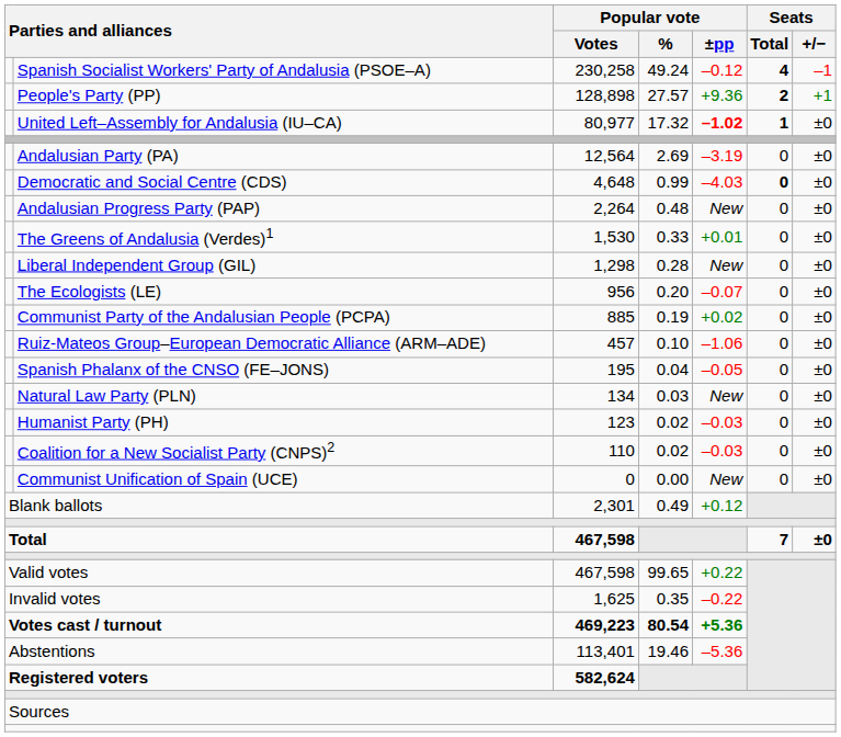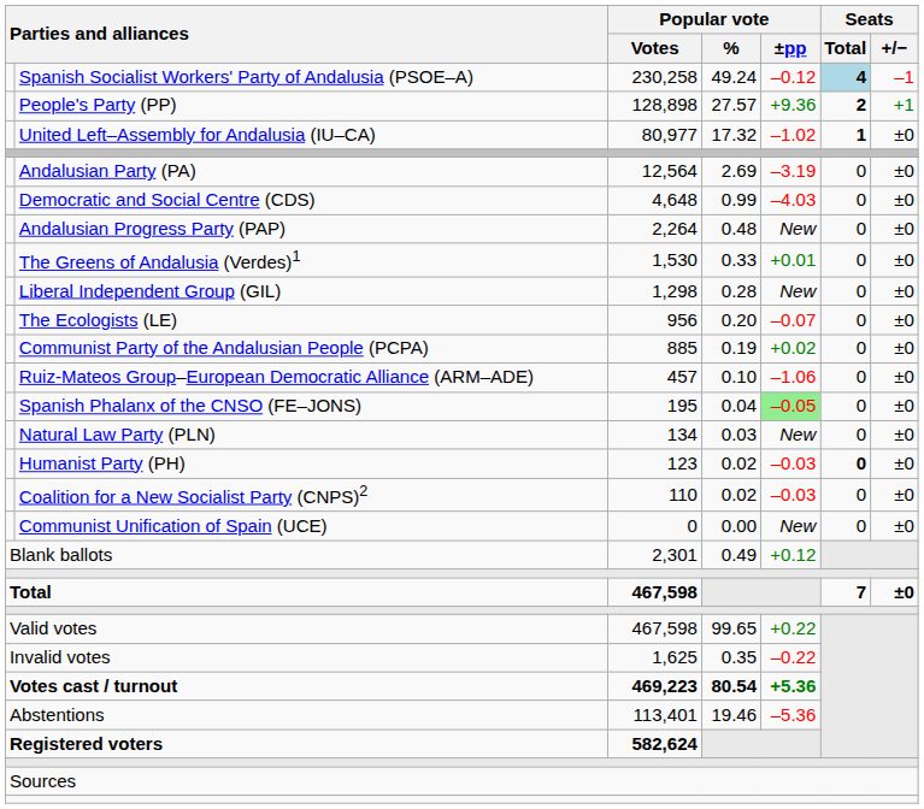 <table class="wikitable" style="text-align:right;">
 <tr>
 <th style="text-align:left;" rowspan="2" colspan="2" width="525">Parties and alliances</th>
 <th colspan="3">Popular vote</th>
 <th colspan="2">Seats</th>
 </tr>
 <tr>
 <th width="75">Votes</th>
 <th width="45">%</th>
 <th width="45">±<a href='#'>pp</a></th>
 <th width="35">Total</th>
 <th width="35">+/−</th>
 </tr>
 <tr>
 <td width="1" style="color:inherit;background:"></td>
 <td align="left"><a href='#'>Spanish Socialist Workers' Party of Andalusia</a> (PSOE–A)</td>
 <td>230,258</td>
 <td>49.24</td>
 <td style="color:red;">–0.12</td>
-<td><strong>4</strong></td>
+<td style="background: lightblue;"><strong>4</strong></td>
 <td style="color:red;">–1</td>
 </tr>
 <tr>
 <td style="color:inherit;background:"></td>
 <td align="left"><a href='#'>People's Party</a> (PP)</td>
 <td>128,898</td>
 <td>27.57</td>
 <td style="color:green;">+9.36</td>
 <td><strong>2</strong></td>
 <td style="color:green;">+1</td>
 </tr>
 <tr>
 <td style="color:inherit;background:"></td>
 <td align="left"><a href='#'>United Left–Assembly for Andalusia</a> (IU–CA)</td>
 <td>80,977</td>
 <td>17.32</td>
-<td style="color:red;"><strong>–1.02</strong></td>
+<td style="color:red;">–1.02</td>
 <td><strong>1</strong></td>
 <td>±0</td>
 </tr>
 <tr>
 <td colspan="7" bgcolor="#C0C0C0"></td>
 </tr>
 <tr>
 <td style="color:inherit;background:"></td>
 <td align="left"><a href='#'>Andalusian Party</a> (PA)</td>
 <td>12,564</td>
 <td>2.69</td>
 <td style="color:red;">–3.19</td>
 <td>0</td>
 <td>±0</td>
 </tr>
 <tr>
 <td style="color:inherit;background:"></td>
 <td align="left"><a href='#'>Democratic and Social Centre</a> (CDS)</td>
 <td>4,648</td>
 <td>0.99</td>
 <td style="color:red;">–4.03</td>
-<td><strong>0</strong></td>
+<td>0</td>
 <td>±0</td>
 </tr>
 <tr>
 <td style="color:inherit;background:"></td>
 <td align="left"><a href='#'>Andalusian Progress Party</a> (PAP)</td>
 <td>2,264</td>
 <td>0.48</td>
 <td><em>New</em></td>
 <td>0</td>
 <td>±0</td>
 </tr>
 <tr>
 <td style="color:inherit;background:"></td>
 <td align="left"><a href='#'>The Greens of Andalusia</a> (Verdes)<sup>1</sup></td>
 <td>1,530</td>
 <td>0.33</td>
 <td style="color:green;">+0.01</td>
 <td>0</td>
 <td>±0</td>
 </tr>
 <tr>
 <td style="color:inherit;background:"></td>
 <td align="left"><a href='#'>Liberal Independent Group</a> (GIL)</td>
 <td>1,298</td>
 <td>0.28</td>
 <td><em>New</em></td>
 <td>0</td>
 <td>±0</td>
 </tr>
 <tr>
 <td style="color:inherit;background:"></td>
 <td align="left"><a href='#'>The Ecologists</a> (LE)</td>
 <td>956</td>
 <td>0.20</td>
 <td style="color:red;">–0.07</td>
 <td>0</td>
 <td>±0</td>
 </tr>
 <tr>
 <td style="color:inherit;background:"></td>
 <td align="left"><a href='#'>Communist Party of the Andalusian People</a> (PCPA)</td>
 <td>885</td>
 <td>0.19</td>
 <td style="color:green;">+0.02</td>
 <td>0</td>
 <td>±0</td>
 </tr>
 <tr>
 <td style="color:inherit;background:"></td>
 <td align="left"><a href='#'>Ruiz-Mateos Group</a>–<a href='#'>European Democratic Alliance</a> (ARM–ADE)</td>
 <td>457</td>
 <td>0.10</td>
 <td style="color:red;">–1.06</td>
 <td>0</td>
 <td>±0</td>
 </tr>
 <tr>
 <td style="color:inherit;background:"></td>
 <td align="left"><a href='#'>Spanish Phalanx of the CNSO</a> (FE–JONS)</td>
 <td>195</td>
 <td>0.04</td>
-<td style="color:red;">–0.05</td>
+<td style="background: lightgreen; color:red;">–0.05</td>
 <td>0</td>
 <td>±0</td>
 </tr>
 <tr>
 <td style="color:inherit;background:"></td>
 <td align="left"><a href='#'>Natural Law Party</a> (PLN)</td>
 <td>134</td>
 <td>0.03</td>
 <td><em>New</em></td>
 <td>0</td>
 <td>±0</td>
 </tr>
 <tr>
 <td style="color:inherit;background:"></td>
 <td align="left"><a href='#'>Humanist Party</a> (PH)</td>
 <td>123</td>
 <td>0.02</td>
 <td style="color:red;">–0.03</td>
-<td>0</td>
+<td><strong>0</strong></td>
 <td>±0</td>
 </tr>
 <tr>
 <td style="color:inherit;background:"></td>
 <td align="left"><a href='#'>Coalition for a New Socialist Party</a> (CNPS)<sup>2</sup></td>
 <td>110</td>
 <td>0.02</td>
 <td style="color:red;">–0.03</td>
 <td>0</td>
 <td>±0</td>
 </tr>
 <tr>
 <td style="color:inherit;background:"></td>
 <td align="left"><a href='#'>Communist Unification of Spain</a> (UCE)</td>
 <td>0</td>
 <td>0.00</td>
 <td><em>New</em></td>
 <td>0</td>
 <td>±0</td>
 </tr>
 <tr>
 <td align="left" colspan="2">Blank ballots</td>
 <td>2,301</td>
 <td>0.49</td>
 <td style="color:green;">+0.12</td>
 <td bgcolor="#E9E9E9" colspan="2"></td>
 </tr>
 <tr>
 <td colspan="7" bgcolor="#E9E9E9"></td>
 </tr>
 <tr style="font-weight:bold;">
 <td align="left" colspan="2">Total</td>
 <td>467,598</td>
 <td bgcolor="#E9E9E9" colspan="2"></td>
 <td>7</td>
 <td>±0</td>
 </tr>
 <tr>
 <td colspan="7" bgcolor="#E9E9E9"></td>
 </tr>
 <tr>
 <td align="left" colspan="2">Valid votes</td>
 <td>467,598</td>
 <td>99.65</td>
 <td style="color:green;">+0.22</td>
 <td bgcolor="#E9E9E9" colspan="2" rowspan="5"></td>
 </tr>
 <tr>
 <td align="left" colspan="2">Invalid votes</td>
 <td>1,625</td>
 <td>0.35</td>
 <td style="color:red;">–0.22</td>
 </tr>
 <tr style="font-weight:bold;">
 <td align="left" colspan="2">Votes cast / turnout</td>
 <td>469,223</td>
 <td>80.54</td>
 <td style="color:green;">+5.36</td>
 </tr>
 <tr>
 <td align="left" colspan="2">Abstentions</td>
 <td>113,401</td>
 <td>19.46</td>
 <td style="color:red;">–5.36</td>
 </tr>
 <tr style="font-weight:bold;">
 <td align="left" colspan="2">Registered voters</td>
 <td>582,624</td>
 <td bgcolor="#E9E9E9" colspan="2"></td>
 </tr>
 <tr>
 <td colspan="7" bgcolor="#E9E9E9"></td>
 </tr>
 <tr>
 <td align="left" colspan="7">Sources</td>
 </tr>
 <tr>
 <td colspan="7" style="text-align:left; max-width:790px;"></td>
 </tr>
 </table>
